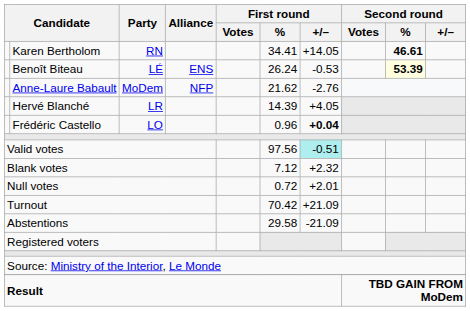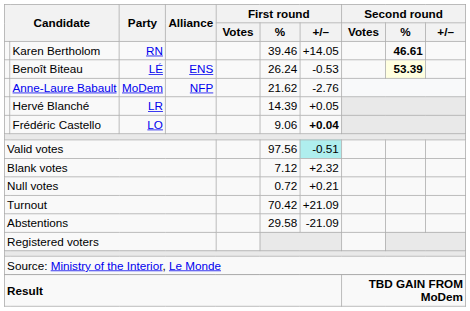 <table class="wikitable" style="text-align:right;font-size:95%;">
 <tr>
 <th rowspan="2" colspan="2">Candidate</th>
 <th rowspan="2">Party</th>
 <th rowspan="2">Alliance</th>
 <th colspan="3">First round</th>
 <th colspan="3">Second round</th>
 </tr>
 <tr>
 <th style="width:50px;">Votes</th>
 <th style="width:45px;">%</th>
 <th style="width:45px;">+/–</th>
 <th style="width:50px;">Votes</th>
 <th style="width:45px;">%</th>
 <th style="width:45px;">+/–</th>
 </tr>
 <tr>
 <td style="color:inherit;background:"></td>
 <td style="text-align:left;">Karen Bertholom</td>
 <td><a href='#'>RN</a></td>
 <td></td>
 <td></td>
-<td>34.41</td>
+<td>39.46</td>
 <td>+14.05</td>
 <td></td>
 <td><strong>46.61</strong></td>
 <td></td>
 </tr>
 <tr>
 <td style="color:inherit;background:"></td>
 <td style="text-align:left;">Benoît Biteau</td>
 <td><a href='#'>LÉ</a></td>
 <td><a href='#'>ENS</a></td>
 <td></td>
 <td>26.24</td>
 <td>-0.53</td>
 <td><strong></strong></td>
 <td style="background: lightyellow;"><strong>53.39</strong></td>
 <td></td>
 </tr>
 <tr>
 <td style="color:inherit;background:"></td>
 <td style="text-align:left;"><a href='#'>Anne-Laure Babault</a></td>
 <td><a href='#'>MoDem</a></td>
 <td><a href='#'>NFP</a></td>
 <td></td>
 <td>21.62</td>
 <td>-2.76</td>
 <td colspan="3" style="background:#F8F9FA;"></td>
 </tr>
 <tr>
 <td style="color:inherit;background:"></td>
 <td style="text-align:left;">Hervé Blanché</td>
 <td><a href='#'>LR</a></td>
 <td></td>
 <td></td>
 <td>14.39</td>
-<td>+4.05</td>
+<td>+0.05</td>
 <td colspan="3" style="background:#E9E9E9;"></td>
 </tr>
 <tr>
 <td style="color:inherit;background:"></td>
 <td style="text-align:left;">Frédéric Castello</td>
 <td><a href='#'>LO</a></td>
 <td></td>
 <td></td>
-<td>0.96</td>
+<td>9.06</td>
 <td><strong>+0.04</strong></td>
 <td colspan="3" style="background:#E9E9E9;"></td>
 </tr>
 <tr>
 <td colspan="10" style="background:#E9E9E9;"></td>
 </tr>
 <tr>
 <td colspan="4" style="text-align:left;">Valid votes</td>
 <td></td>
 <td>97.56</td>
 <td style="background: paleturquoise;">-0.51</td>
 <td></td>
 <td></td>
 <td></td>
 </tr>
 <tr>
 <td colspan="4" style="text-align:left;">Blank votes</td>
 <td></td>
 <td>7.12</td>
 <td>+2.32</td>
 <td></td>
 <td></td>
 <td></td>
 </tr>
 <tr>
 <td colspan="4" style="text-align:left;">Null votes</td>
 <td></td>
 <td>0.72</td>
-<td>+2.01</td>
+<td>+0.21</td>
 <td></td>
 <td></td>
 <td></td>
 </tr>
 <tr>
 <td colspan="4" style="text-align:left;">Turnout</td>
 <td></td>
 <td>70.42</td>
 <td>+21.09</td>
 <td></td>
 <td></td>
 <td></td>
 </tr>
 <tr>
 <td colspan="4" style="text-align:left;">Abstentions</td>
 <td></td>
 <td>29.58</td>
 <td>-21.09</td>
 <td></td>
 <td></td>
 <td></td>
 </tr>
 <tr>
 <td colspan="4" style="text-align:left;">Registered voters</td>
 <td></td>
 <td colspan="2" style="background:#E9E9E9;"></td>
 <td></td>
 <td colspan="2" style="background:#E9E9E9;"></td>
 </tr>
 <tr>
 <td colspan="10" style="background:#E9E9E9;"></td>
 </tr>
 <tr>
 <td colspan="10" style="text-align:left;">Source: <a href='#'>Ministry of the Interior</a>, <a href='#'>Le Monde</a></td>
 </tr>
 <tr>
 </tr>
 <tr style="font-weight:bold">
 <td colspan="7" style="text-align:left;">Result</td>
 <td colspan="7" style="background-color:">TBD GAIN FROM MoDem</td>
 </tr>
 </table>
